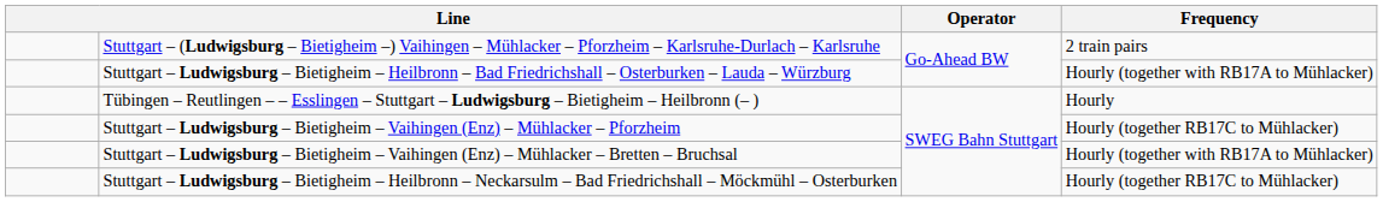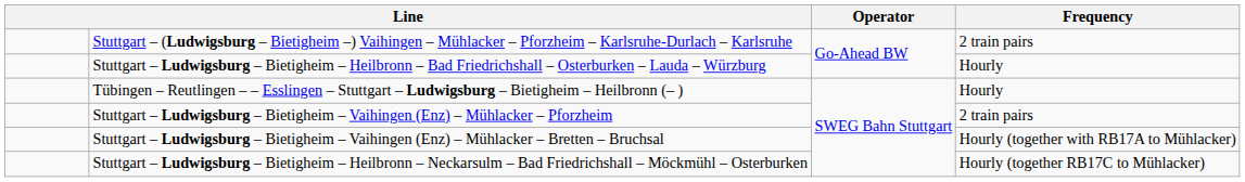 <table class="wikitable">
 <tr>
 <th colspan="2">Line</th>
 <th>Operator</th>
 <th>Frequency</th>
 </tr>
 <tr>
 <td align="center"></td>
 <td><a href='#'>Stuttgart</a> – (<strong>Ludwigsburg</strong> – <a href='#'>Bietigheim</a> –) <a href='#'>Vaihingen</a> – <a href='#'>Mühlacker</a> – <a href='#'>Pforzheim</a> – <a href='#'>Karlsruhe-Durlach</a> – <a href='#'>Karlsruhe</a></td>
 <td rowspan="2"><a href='#'>Go-Ahead BW</a></td>
 <td>2 train pairs</td>
 </tr>
 <tr>
 <td align="center" style="width:5em"></td>
 <td>Stuttgart – <strong>Ludwigsburg</strong> – Bietigheim – <a href='#'>Heilbronn</a> – <a href='#'>Bad Friedrichshall</a> – <a href='#'>Osterburken</a> – <a href='#'>Lauda</a> – <a href='#'>Würzburg</a></td>
-<td>Hourly (together with RB17A to Mühlacker)</td>
+<td>Hourly</td>
 </tr>
 <tr>
 <td align="center"></td>
 <td>Tübingen – Reutlingen –  – <a href='#'>Esslingen</a> – Stuttgart – <strong>Ludwigsburg</strong> – Bietigheim – Heilbronn (– )</td>
 <td rowspan="4"><a href='#'>SWEG Bahn Stuttgart</a></td>
 <td>Hourly</td>
 </tr>
 <tr>
 <td align="center"></td>
 <td>Stuttgart – <strong>Ludwigsburg</strong> – Bietigheim – <a href='#'>Vaihingen (Enz)</a> – <a href='#'>Mühlacker</a> – <a href='#'>Pforzheim</a></td>
-<td>Hourly (together RB17C to Mühlacker)</td>
+<td>2 train pairs</td>
 </tr>
 <tr>
 <td align="center"></td>
 <td>Stuttgart – <strong>Ludwigsburg</strong> – Bietigheim – Vaihingen (Enz) – Mühlacker – Bretten – Bruchsal</td>
 <td>Hourly (together with RB17A to Mühlacker)</td>
 </tr>
 <tr>
 <td align="center"></td>
 <td>Stuttgart – <strong>Ludwigsburg</strong> – Bietigheim – Heilbronn – Neckarsulm – Bad Friedrichshall – Möckmühl – Osterburken</td>
 <td>Hourly (together RB17C to Mühlacker)</td>
 </tr>
 </table>
